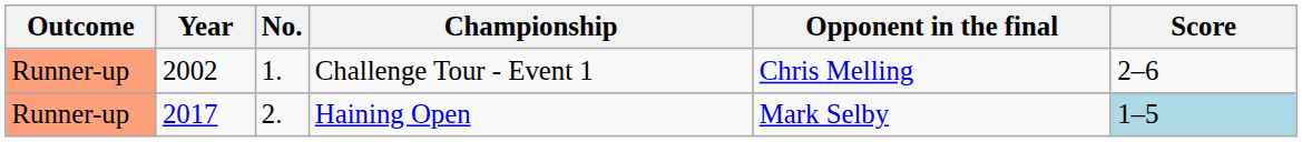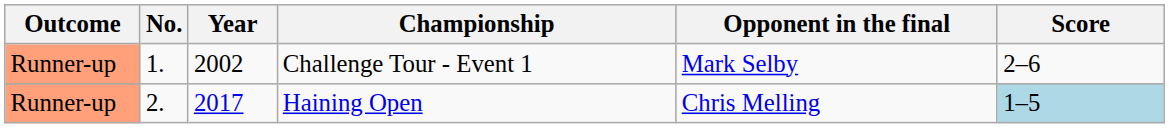 <table class="sortable wikitable">
 <tr>
 <th width="80">Outcome</th>
+<th width="20">No.</th>
 <th width="50">Year</th>
-<th width="20">No.</th>
 <th width="250">Championship</th>
 <th width="200">Opponent in the final</th>
 <th width="100">Score</th>
 </tr>
 <tr>
 <td style="background:#ffa07a">Runner-up</td>
+<td>1.</td>
 <td>2002</td>
-<td>1.</td>
 <td>Challenge Tour - Event 1</td>
-<td> <a href='#'>Chris Melling</a></td>
+<td> <a href='#'>Mark Selby</a></td>
 <td>2–6</td>
 </tr>
 <tr>
 <td style="background:#ffa07a">Runner-up</td>
+<td>2.</td>
 <td><a href='#'>2017</a></td>
-<td>2.</td>
 <td><a href='#'>Haining Open</a></td>
-<td> <a href='#'>Mark Selby</a></td>
+<td> <a href='#'>Chris Melling</a></td>
 <td style="background: lightblue;">1–5</td>
 </tr>
 </table>
